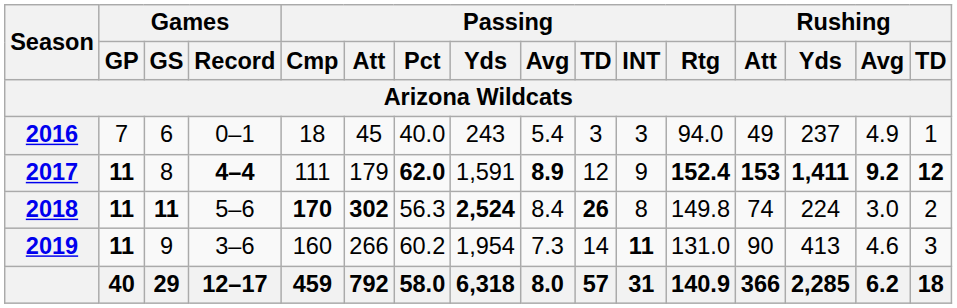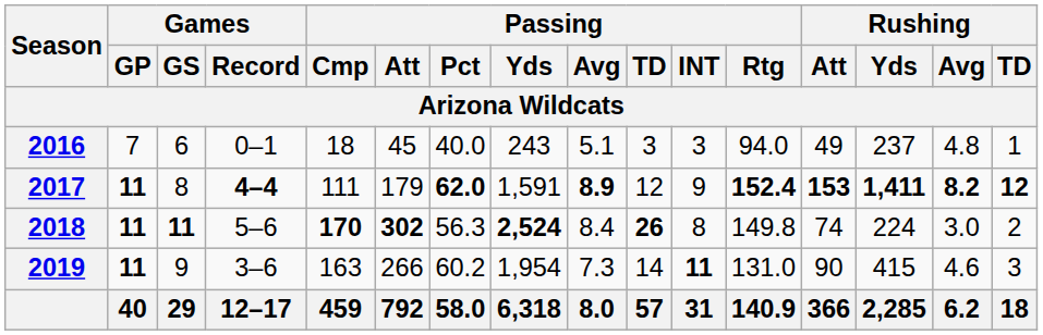 <table class="wikitable" style="text-align:center;">
 <tr>
 <th rowspan="2">Season</th>
 <th colspan="3">Games</th>
 <th colspan="8">Passing</th>
 <th colspan="4">Rushing</th>
 </tr>
 <tr>
 <th>GP</th>
 <th>GS</th>
 <th>Record</th>
 <th>Cmp</th>
 <th>Att</th>
 <th>Pct</th>
 <th>Yds</th>
 <th>Avg</th>
 <th>TD</th>
 <th>INT</th>
 <th>Rtg</th>
 <th>Att</th>
 <th>Yds</th>
 <th>Avg</th>
 <th>TD</th>
 </tr>
 <tr>
 <th colspan="16">Arizona Wildcats</th>
 </tr>
 <tr>
 <th><a href='#'>2016</a></th>
 <td>7</td>
 <td>6</td>
 <td>0–1</td>
 <td>18</td>
 <td>45</td>
 <td>40.0</td>
 <td>243</td>
-<td>5.4</td>
+<td>5.1</td>
 <td>3</td>
 <td>3</td>
 <td>94.0</td>
 <td>49</td>
 <td>237</td>
-<td>4.9</td>
+<td>4.8</td>
 <td>1</td>
 </tr>
 <tr>
 <th><a href='#'>2017</a></th>
 <td><strong>11</strong></td>
 <td>8</td>
 <td><strong>4–4</strong></td>
 <td>111</td>
 <td>179</td>
 <td><strong>62.0</strong></td>
 <td>1,591</td>
 <td><strong>8.9</strong></td>
 <td>12</td>
 <td>9</td>
 <td><strong>152.4</strong></td>
 <td><strong>153</strong></td>
 <td><strong>1,411</strong></td>
-<td><strong>9.2</strong></td>
+<td><strong>8.2</strong></td>
 <td><strong>12</strong></td>
 </tr>
 <tr>
 <th><a href='#'>2018</a></th>
 <td><strong>11</strong></td>
 <td><strong>11</strong></td>
 <td>5–6</td>
 <td><strong>170</strong></td>
 <td><strong>302</strong></td>
 <td>56.3</td>
 <td><strong>2,524</strong></td>
 <td>8.4</td>
 <td><strong>26</strong></td>
 <td>8</td>
 <td>149.8</td>
 <td>74</td>
 <td>224</td>
 <td>3.0</td>
 <td>2</td>
 </tr>
 <tr>
 <th><a href='#'>2019</a></th>
 <td><strong>11</strong></td>
 <td>9</td>
 <td>3–6</td>
-<td>160</td>
+<td>163</td>
 <td>266</td>
 <td>60.2</td>
 <td>1,954</td>
 <td>7.3</td>
 <td>14</td>
 <td><strong>11</strong></td>
 <td>131.0</td>
 <td>90</td>
-<td>413</td>
+<td>415</td>
 <td>4.6</td>
 <td>3</td>
 </tr>
 <tr>
 <th></th>
 <th>40</th>
 <th>29</th>
 <th>12–17</th>
 <th>459</th>
 <th>792</th>
 <th>58.0</th>
 <th>6,318</th>
 <th>8.0</th>
 <th>57</th>
 <th>31</th>
 <th>140.9</th>
 <th>366</th>
 <th>2,285</th>
 <th>6.2</th>
 <th>18</th>
 </tr>
 </table>
